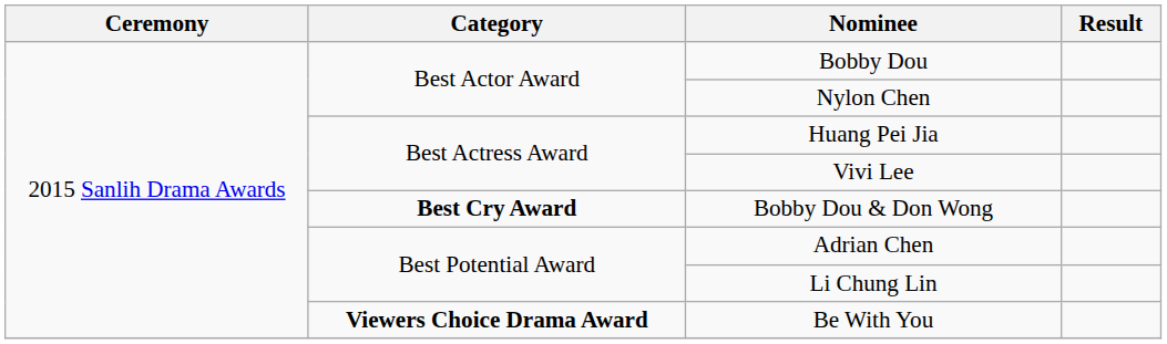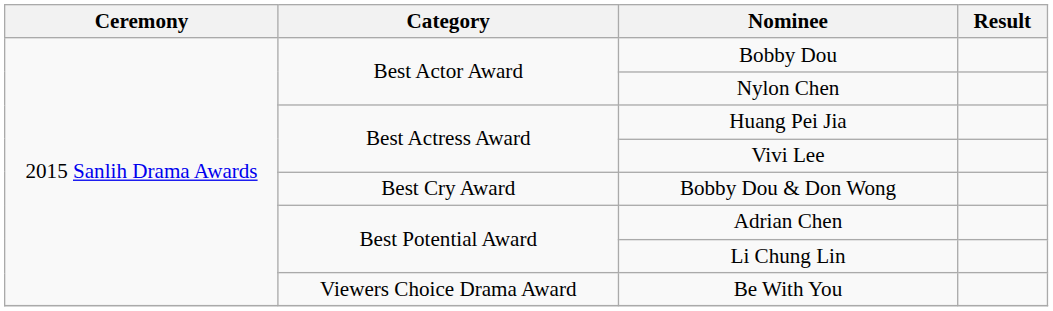 <table class="wikitable" style="text-align:center;">
 <tr>
 <th style="width:200px;">Ceremony</th>
 <th style="width:250px;">Category</th>
 <th style="width:250px;">Nominee</th>
 <th style="width:60px;">Result</th>
 </tr>
 <tr>
 <td rowspan=8>2015 <a href='#'>Sanlih Drama Awards</a></td>
 <td rowspan=2>Best Actor Award</td>
 <td>Bobby Dou</td>
 <td></td>
 </tr>
 <tr>
 <td>Nylon Chen</td>
 <td></td>
 </tr>
 <tr>
 <td rowspan=2>Best Actress Award</td>
 <td>Huang Pei Jia</td>
 <td></td>
 </tr>
 <tr>
 <td>Vivi Lee</td>
 <td></td>
 </tr>
 <tr>
-<td><strong>Best Cry Award</strong></td>
+<td>Best Cry Award</td>
 <td>Bobby Dou & Don Wong</td>
 <td></td>
 </tr>
 <tr>
 <td rowspan=2>Best Potential Award</td>
 <td>Adrian Chen</td>
 <td></td>
 </tr>
 <tr>
 <td>Li Chung Lin</td>
 <td></td>
 </tr>
 <tr>
-<td><strong>Viewers Choice Drama Award</strong></td>
+<td>Viewers Choice Drama Award</td>
 <td>Be With You</td>
 <td></td>
 </tr>
 <tr>
 </tr>
 </table>
